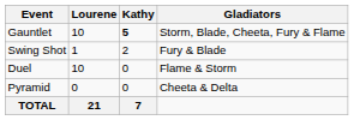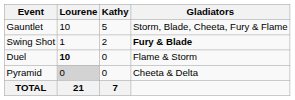 <table class="wikitable">
 <tr>
 <th>Event</th>
 <th>Lourene</th>
 <th>Kathy</th>
 <th>Gladiators</th>
 </tr>
 <tr>
 <td>Gauntlet</td>
 <td>10</td>
-<td><strong>5</strong></td>
+<td>5</td>
 <td>Storm, Blade, Cheeta, Fury & Flame</td>
 </tr>
 <tr>
 <td>Swing Shot</td>
 <td>1</td>
 <td>2</td>
-<td>Fury & Blade</td>
+<td><strong>Fury & Blade</strong></td>
 </tr>
 <tr>
 <td>Duel</td>
-<td>10</td>
+<td><strong>10</strong></td>
 <td>0</td>
 <td>Flame & Storm</td>
 </tr>
 <tr>
 <td>Pyramid</td>
-<td>0</td>
+<td style="background: lightgrey;">0</td>
 <td>0</td>
 <td>Cheeta & Delta</td>
 </tr>
 <tr>
 <th>TOTAL</th>
 <th>21</th>
 <th>7</th>
 </tr>
 </table>
